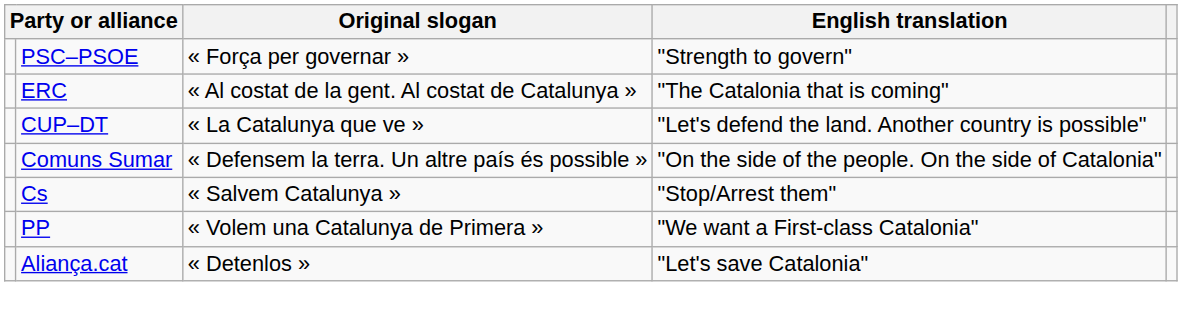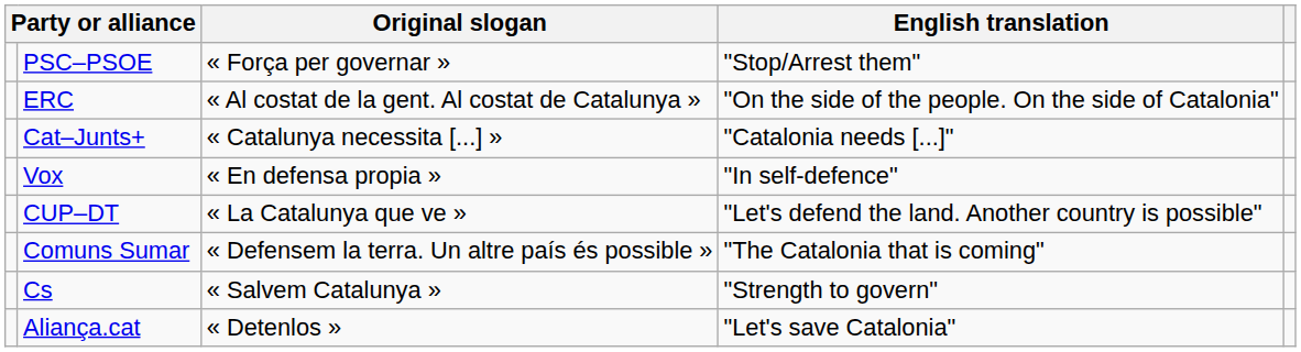 <table class="wikitable" style="text-align:left;">
 <tr>
 <th style="text-align:left;" colspan="2">Party or alliance</th>
 <th>Original slogan</th>
 <th>English translation</th>
 <th></th>
 </tr>
 <tr>
 <td width="1" style="color:inherit;background:"></td>
 <td><a href='#'>PSC–PSOE</a></td>
 <td>« Força per governar »</td>
-<td>"Strength to govern"</td>
+<td>"Stop/Arrest them"</td>
 <td></td>
 </tr>
 <tr>
 <td style="color:inherit;background:"></td>
 <td><a href='#'>ERC</a></td>
 <td>« Al costat de la gent. Al costat de Catalunya »</td>
-<td>"The Catalonia that is coming"</td>
+<td>"On the side of the people. On the side of Catalonia"</td>
+<td></td>
+</tr>
+<tr>
+<td style="color:inherit;background:"></td>
+<td align="left"><a href='#'>Cat–Junts+</a></td>
+<td>« Catalunya necessita [...] »</td>
+<td>"Catalonia needs [...]"</td>
+<td></td>
+</tr>
+<tr>
+<td style="color:inherit;background:"></td>
+<td><a href='#'>Vox</a></td>
+<td>« En defensa propia »</td>
+<td>"In self-defence"</td>
 <td></td>
 </tr>
 <tr>
 <td style="color:inherit;background:"></td>
 <td><a href='#'>CUP–DT</a></td>
 <td>« La Catalunya que ve »</td>
 <td>"Let's defend the land. Another country is possible"</td>
 <td></td>
 </tr>
 <tr>
 <td style="color:inherit;background:"></td>
 <td><a href='#'>Comuns Sumar</a></td>
 <td>« Defensem la terra. Un altre país és possible »</td>
-<td>"On the side of the people. On the side of Catalonia"</td>
+<td>"The Catalonia that is coming"</td>
 <td></td>
 </tr>
 <tr>
 <td style="color:inherit;background:"></td>
 <td align="left"><a href='#'>Cs</a></td>
 <td>« Salvem Catalunya »</td>
-<td>"Stop/Arrest them"</td>
-<td></td>
-</tr>
-<tr>
-<td style="color:inherit;background:"></td>
-<td align="left"><a href='#'>PP</a></td>
-<td>« Volem una Catalunya de Primera »</td>
-<td>"We want a First-class Catalonia"</td>
+<td>"Strength to govern"</td>
 <td></td>
 </tr>
 <tr>
 <td style="color:inherit;background:"></td>
 <td align="left"><a href='#'>Aliança.cat</a></td>
 <td>« Detenlos »</td>
 <td>"Let's save Catalonia"</td>
 <td></td>
 </tr>
 </table>
